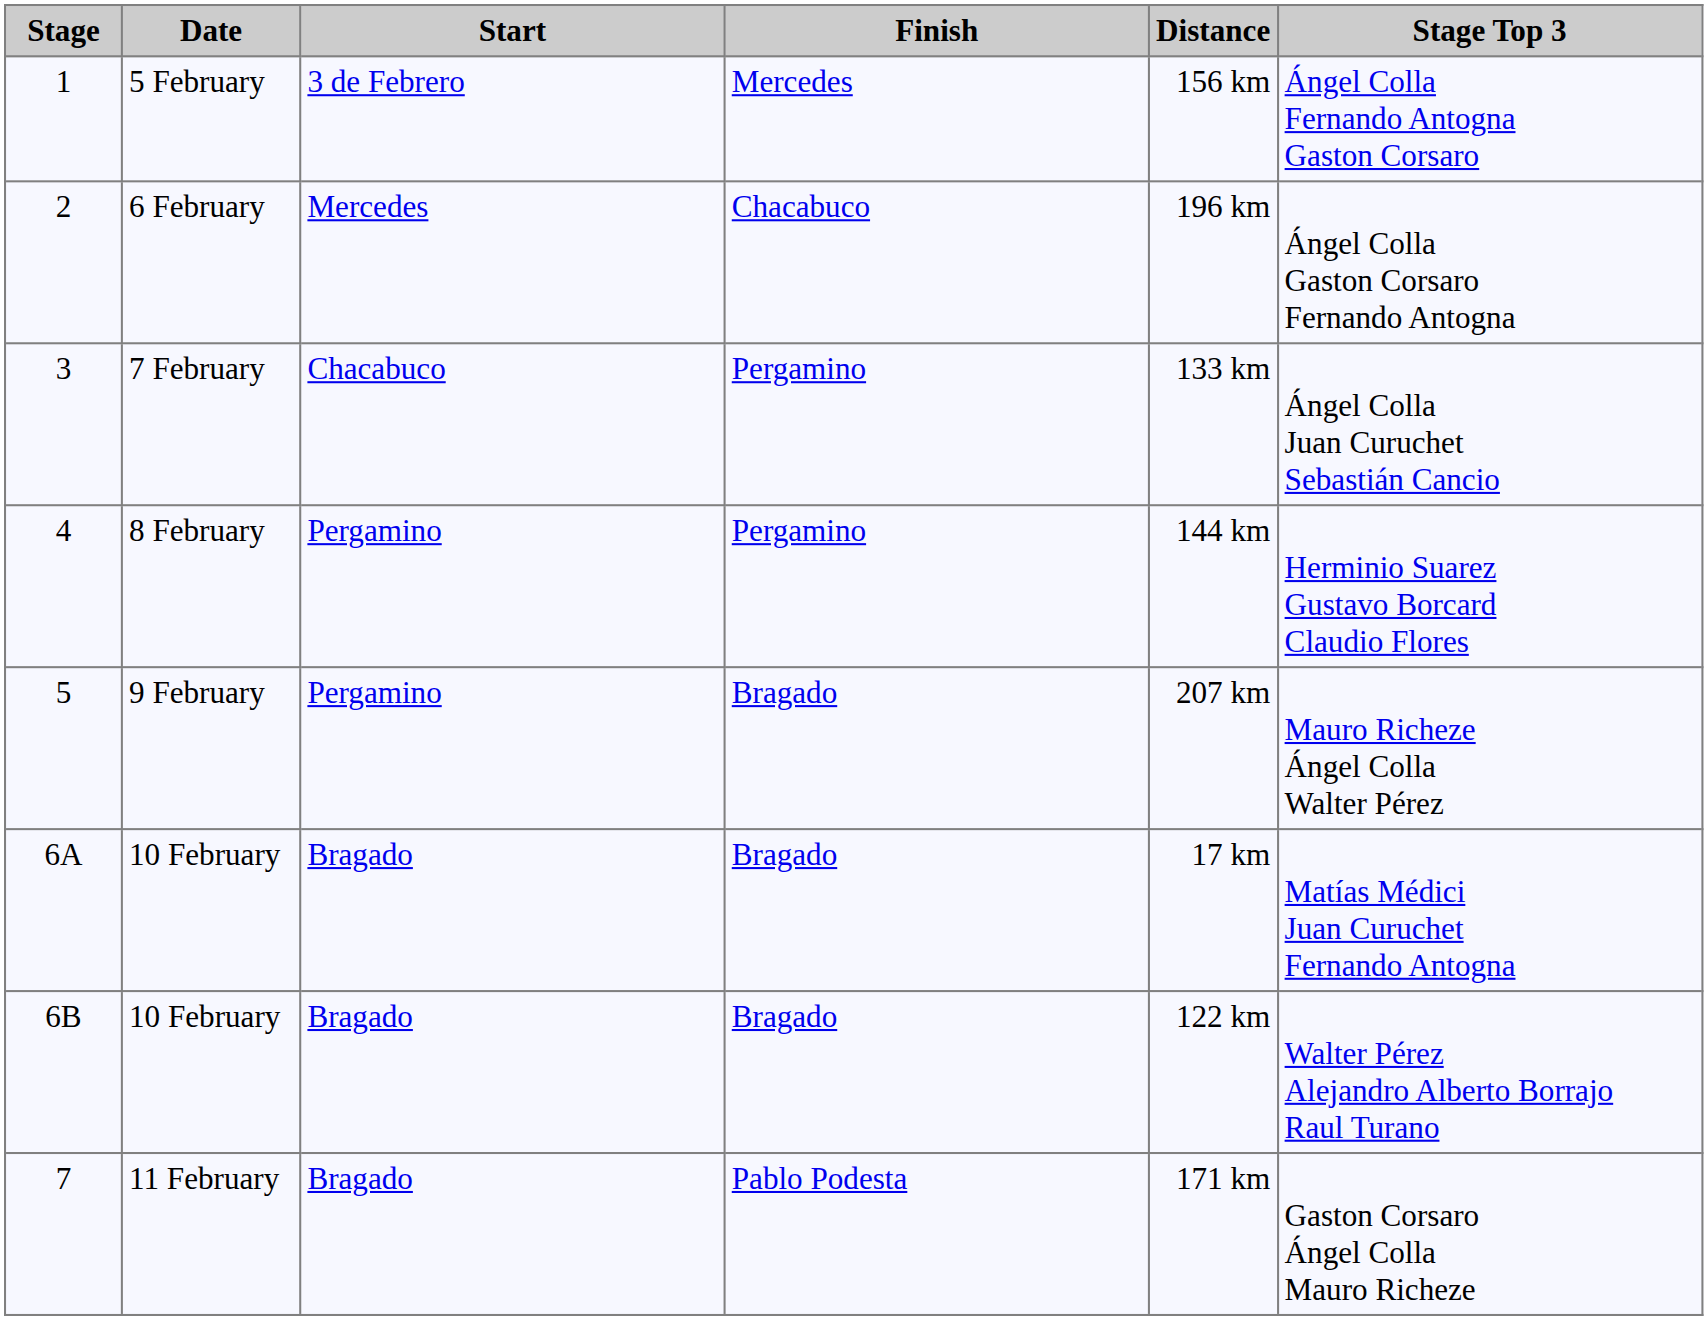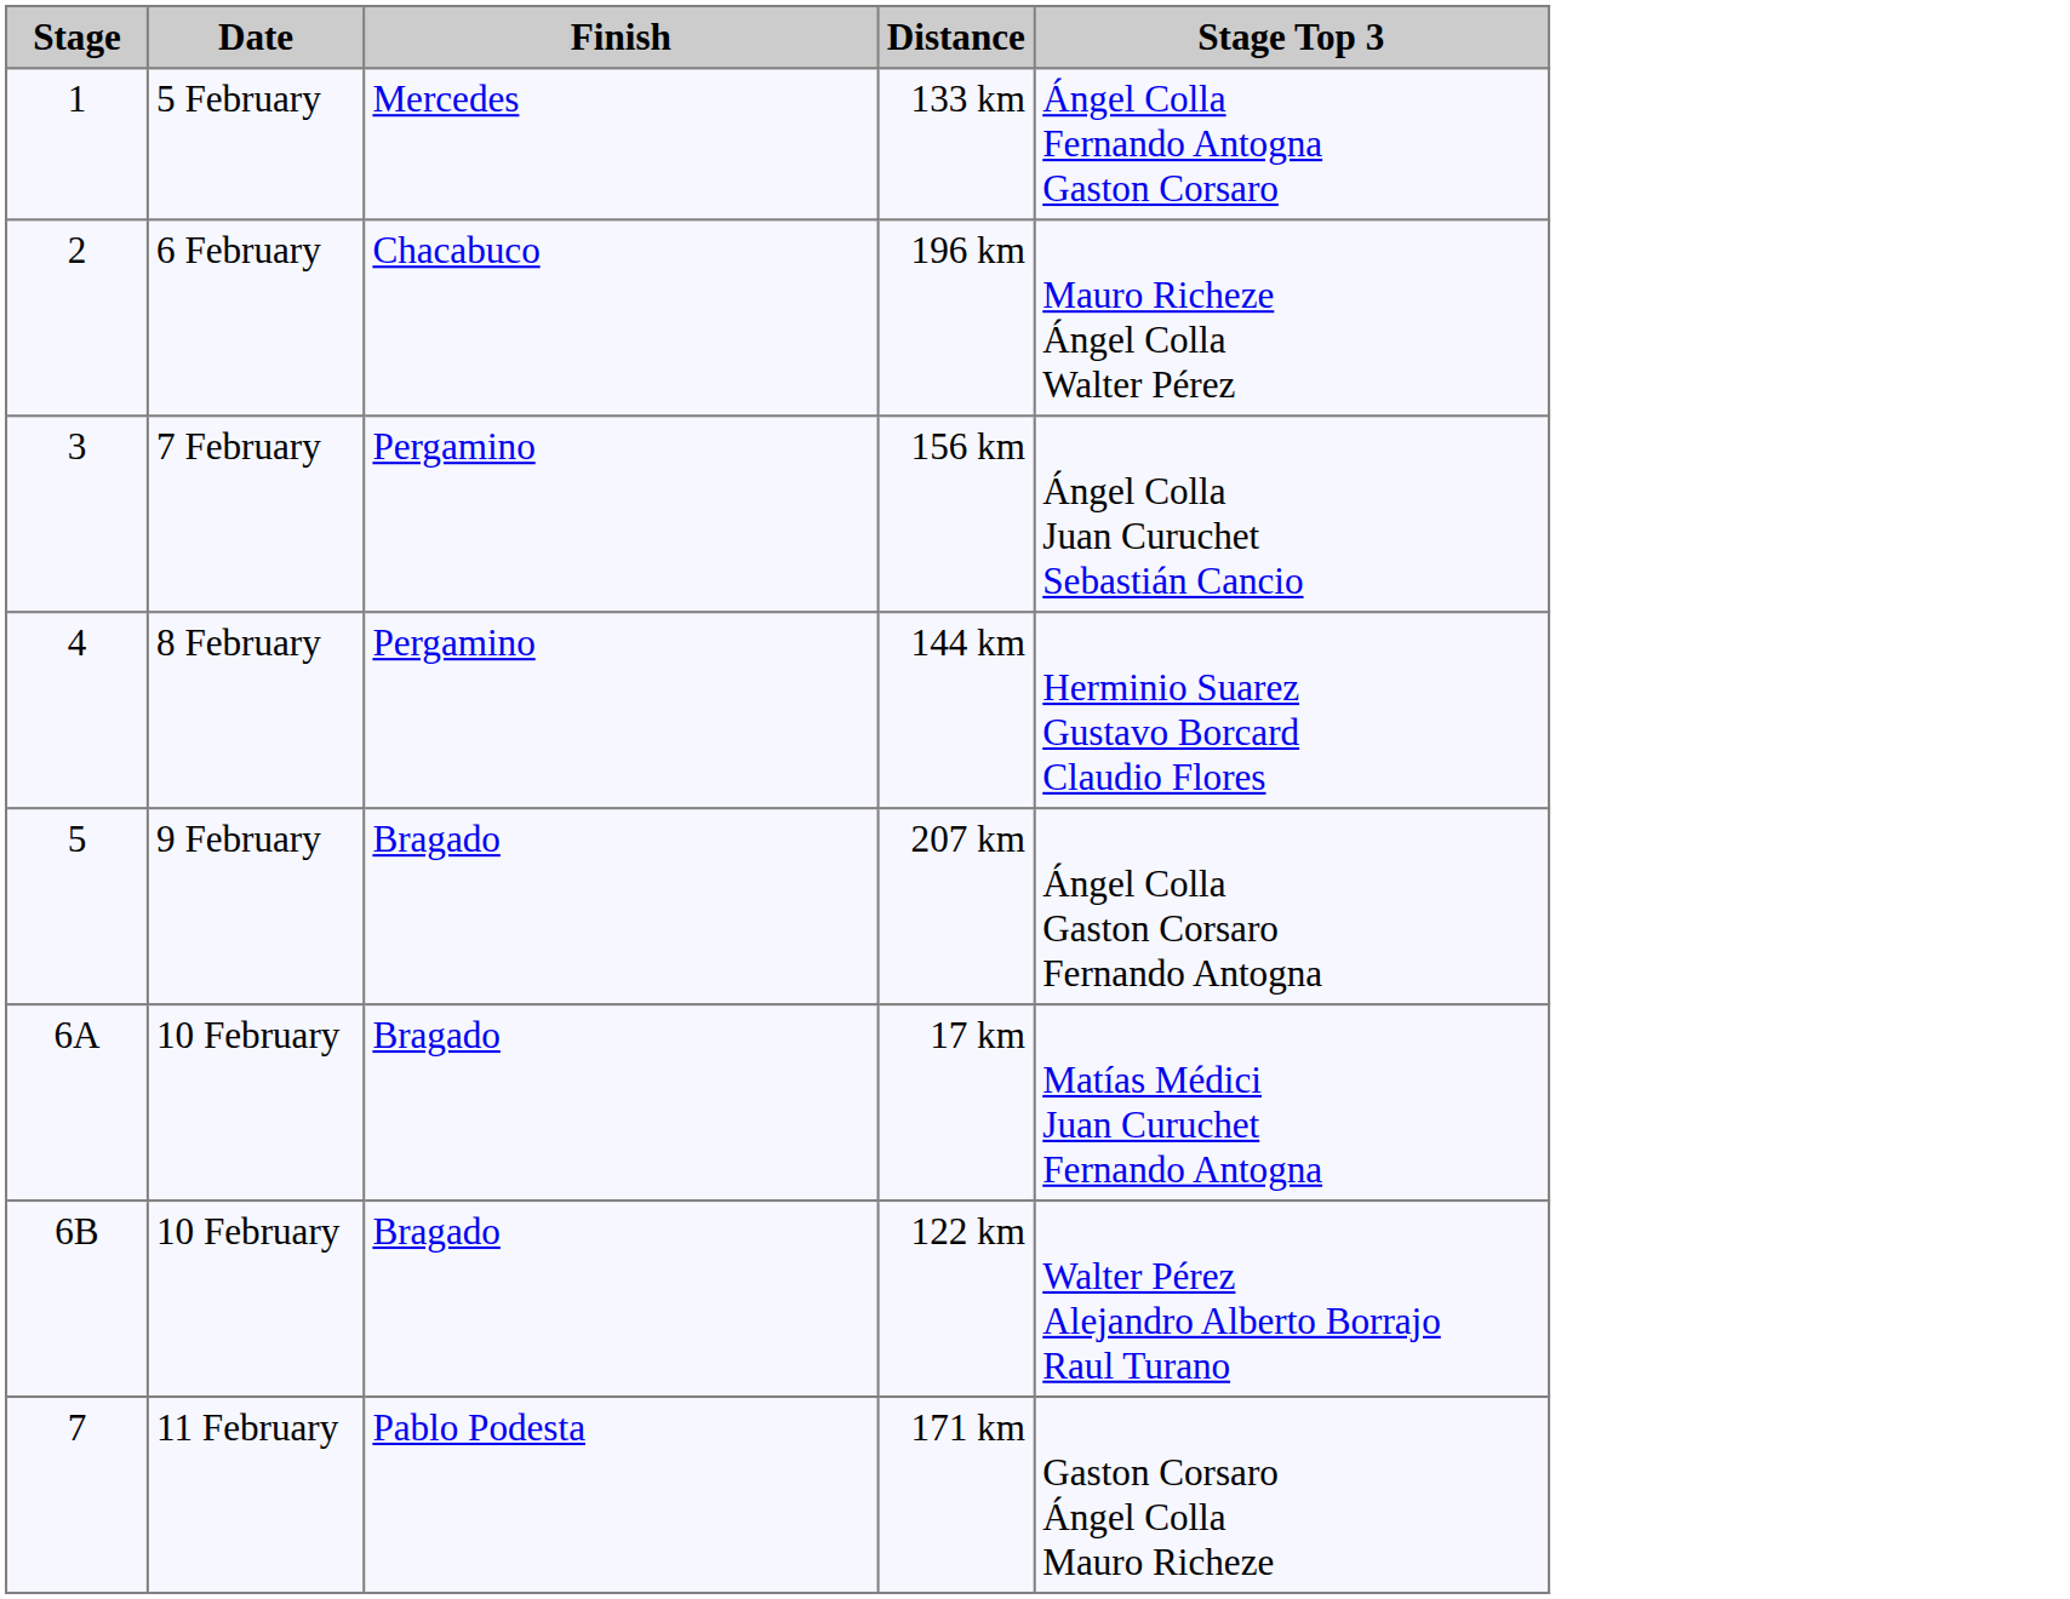 <table bgcolor="#f7f8ff" cellpadding="3" cellspacing="0" border="1" style="font-size: 95%; border: gray solid 1px; border-collapse: collapse;">
 <tr bgcolor="#CCCCCC">
 <td align="center" width="50"><strong>Stage</strong></td>
 <td align="center" width="80"><strong>Date</strong></td>
-<td align="center" width="200"><strong>Start</strong></td>
 <td align="center" width="200"><strong>Finish</strong></td>
 <td align="center" width="50"><strong>Distance</strong></td>
 <td align="center" width="200"><strong>Stage Top 3</strong></td>
 </tr>
 <tr valign=top>
 <td align=center>1</td>
 <td>5 February</td>
-<td><a href='#'>3 de Febrero</a></td>
 <td><a href='#'>Mercedes</a></td>
-<td align=right>156 km</td>
+<td align=right>133 km</td>
 <td> <a href='#'>Ángel Colla</a><br>  <a href='#'>Fernando Antogna</a><br>  <a href='#'>Gaston Corsaro</a></td>
 </tr>
 <tr valign=top>
 <td align=center>2</td>
 <td>6 February</td>
-<td><a href='#'>Mercedes</a></td>
 <td><a href='#'>Chacabuco</a></td>
 <td align=right>196 km</td>
-<td><br> Ángel Colla<br>   Gaston Corsaro<br>  Fernando Antogna<br></td>
+<td><br> <a href='#'>Mauro Richeze</a><br>   Ángel Colla<br>  Walter Pérez<br></td>
 </tr>
 <tr valign=top>
 <td align=center>3</td>
 <td>7 February</td>
-<td><a href='#'>Chacabuco</a></td>
 <td><a href='#'>Pergamino</a></td>
-<td align=right>133 km</td>
+<td align=right>156 km</td>
 <td><br> Ángel Colla<br>   Juan Curuchet<br>  <a href='#'>Sebastián Cancio</a><br></td>
 </tr>
 <tr valign=top>
 <td align=center>4</td>
 <td>8 February</td>
-<td><a href='#'>Pergamino</a></td>
 <td><a href='#'>Pergamino</a></td>
 <td align=right>144 km</td>
 <td><br> <a href='#'>Herminio Suarez</a><br>   <a href='#'>Gustavo Borcard</a><br>  <a href='#'>Claudio Flores</a><br></td>
 </tr>
 <tr valign=top>
 <td align=center>5</td>
 <td>9 February</td>
-<td><a href='#'>Pergamino</a></td>
 <td><a href='#'>Bragado</a></td>
 <td align=right>207 km</td>
-<td><br> <a href='#'>Mauro Richeze</a><br>   Ángel Colla<br>  Walter Pérez<br></td>
+<td><br> Ángel Colla<br>   Gaston Corsaro<br>  Fernando Antogna<br></td>
 </tr>
 <tr valign=top>
 <td align=center>6A</td>
 <td>10 February</td>
-<td><a href='#'>Bragado</a></td>
 <td><a href='#'>Bragado</a></td>
 <td align=right>17 km</td>
 <td><br> <a href='#'>Matías Médici</a><br>   <a href='#'>Juan Curuchet</a><br>  <a href='#'>Fernando Antogna</a><br></td>
 </tr>
 <tr valign=top>
 <td align=center>6B</td>
 <td>10 February</td>
 <td><a href='#'>Bragado</a></td>
-<td><a href='#'>Bragado</a></td>
 <td align=right>122 km</td>
 <td><br> <a href='#'>Walter Pérez</a><br>   <a href='#'>Alejandro Alberto Borrajo</a><br>  <a href='#'>Raul Turano</a><br></td>
 </tr>
 <tr valign=top>
 <td align=center>7</td>
 <td>11 February</td>
-<td><a href='#'>Bragado</a></td>
 <td><a href='#'>Pablo Podesta</a></td>
 <td align=right>171 km</td>
 <td><br> Gaston Corsaro<br>   Ángel Colla<br>  Mauro Richeze<br></td>
 </tr>
 </table>
